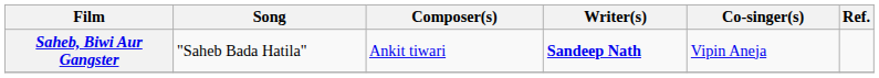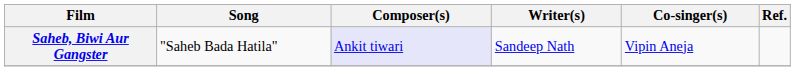 <table class="wikitable plainrowheaders" width="100%" textcolor:#000;">
 <tr>
 <th scope="col" width=20%><strong>Film</strong></th>
 <th scope="col" width=23%><strong>Song</strong></th>
 <th scope="col" width=21%><strong>Composer(s)</strong></th>
 <th scope="col" width=17%><strong>Writer(s)</strong></th>
 <th scope="col" width=18%><strong>Co-singer(s)</strong></th>
 <th scope="col" width=1%><strong>Ref.</strong></th>
 </tr>
 <tr>
 <th scope="row"><em><a href='#'>Saheb, Biwi Aur Gangster</a></em></th>
 <td>"Saheb Bada Hatila"</td>
-<td><a href='#'>Ankit tiwari</a></td>
-<td><strong><a href='#'>Sandeep Nath</a></strong></td>
+<td style="background: lavender;"><a href='#'>Ankit tiwari</a></td>
+<td><a href='#'>Sandeep Nath</a></td>
 <td><a href='#'>Vipin Aneja</a></td>
 <td></td>
 </tr>
 <tr>
 </tr>
 </table>
